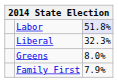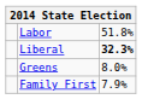 <table class="wikitable" style="float:right; margin-left:0.5em">
 <tr>
 <th colspan = 3>2014 State Election</th>
 </tr>
 <tr>
 <td> </td>
 <td><a href='#'>Labor</a></td>
-<td style="background: lavender;">51.8%</td>
+<td>51.8%</td>
 </tr>
 <tr>
 <td> </td>
 <td><a href='#'>Liberal</a></td>
-<td>32.3%</td>
+<td><strong>32.3%</strong></td>
 </tr>
 <tr>
 <td> </td>
 <td><a href='#'>Greens</a></td>
 <td>8.0%</td>
 </tr>
 <tr>
 <td> </td>
 <td><a href='#'>Family First</a></td>
 <td>7.9%</td>
 </tr>
 </table>
